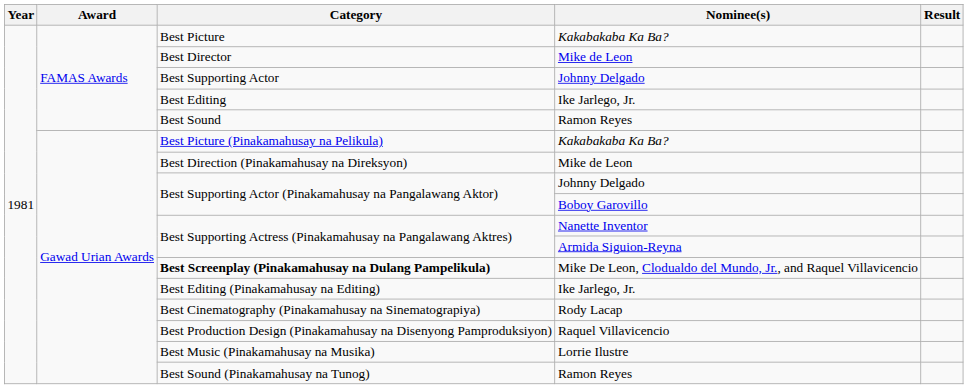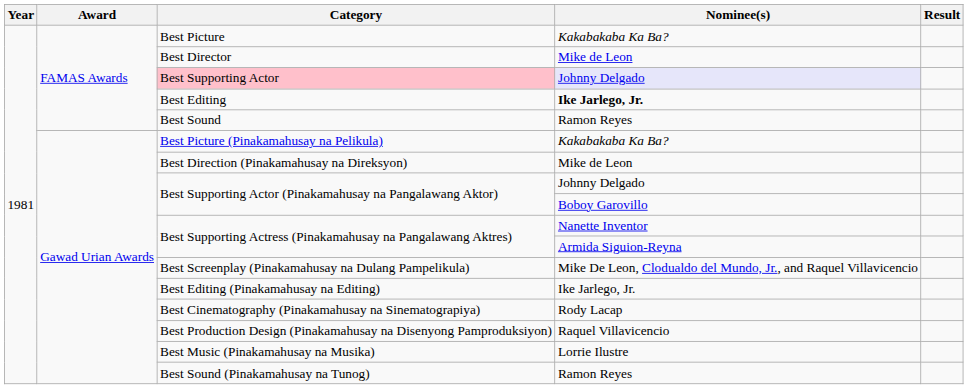 <table class="wikitable">
 <tr>
 <th>Year</th>
 <th>Award</th>
 <th>Category</th>
 <th>Nominee(s)</th>
 <th>Result</th>
 </tr>
 <tr>
 <td rowspan="17">1981</td>
 <td rowspan="5"><a href='#'>FAMAS Awards</a></td>
 <td>Best Picture</td>
 <td><em>Kakabakaba Ka Ba?</em></td>
 <td></td>
 </tr>
 <tr>
 <td>Best Director</td>
 <td><a href='#'>Mike de Leon</a></td>
 <td></td>
 </tr>
 <tr>
-<td>Best Supporting Actor</td>
-<td><a href='#'>Johnny Delgado</a></td>
+<td style="background: pink;">Best Supporting Actor</td>
+<td style="background: lavender;"><a href='#'>Johnny Delgado</a></td>
 <td></td>
 </tr>
 <tr>
 <td>Best Editing</td>
-<td>Ike Jarlego, Jr.</td>
+<td><strong>Ike Jarlego, Jr.</strong></td>
 <td></td>
 </tr>
 <tr>
 <td>Best Sound</td>
 <td>Ramon Reyes</td>
 <td></td>
 </tr>
 <tr>
 <td rowspan="12"><a href='#'>Gawad Urian Awards</a></td>
 <td><a href='#'>Best Picture (Pinakamahusay na Pelikula)</a></td>
 <td><em>Kakabakaba Ka Ba?</em></td>
 <td></td>
 </tr>
 <tr>
 <td>Best Direction (Pinakamahusay na Direksyon)</td>
 <td>Mike de Leon</td>
 <td></td>
 </tr>
 <tr>
 <td rowspan="2">Best Supporting Actor (Pinakamahusay na Pangalawang Aktor)</td>
 <td>Johnny Delgado</td>
 <td></td>
 </tr>
 <tr>
 <td><a href='#'>Boboy Garovillo</a></td>
 <td></td>
 </tr>
 <tr>
 <td rowspan="2">Best Supporting Actress (Pinakamahusay na Pangalawang Aktres)</td>
 <td><a href='#'>Nanette Inventor</a></td>
 <td></td>
 </tr>
 <tr>
 <td><a href='#'>Armida Siguion-Reyna</a></td>
 <td></td>
 </tr>
 <tr>
-<td><strong>Best Screenplay (Pinakamahusay na Dulang Pampelikula)</strong></td>
+<td>Best Screenplay (Pinakamahusay na Dulang Pampelikula)</td>
 <td>Mike De Leon, <a href='#'>Clodualdo del Mundo, Jr.</a>, and Raquel Villavicencio</td>
 <td></td>
 </tr>
 <tr>
 <td>Best Editing (Pinakamahusay na Editing)</td>
 <td>Ike Jarlego, Jr.</td>
 <td></td>
 </tr>
 <tr>
 <td>Best Cinematography (Pinakamahusay na Sinematograpiya)</td>
 <td>Rody Lacap</td>
 <td></td>
 </tr>
 <tr>
 <td>Best Production Design (Pinakamahusay na Disenyong Pamproduksiyon)</td>
 <td>Raquel Villavicencio</td>
 <td></td>
 </tr>
 <tr>
 <td>Best Music (Pinakamahusay na Musika)</td>
 <td>Lorrie Ilustre</td>
 <td></td>
 </tr>
 <tr>
 <td>Best Sound (Pinakamahusay na Tunog)</td>
 <td>Ramon Reyes</td>
 <td></td>
 </tr>
 </table>
